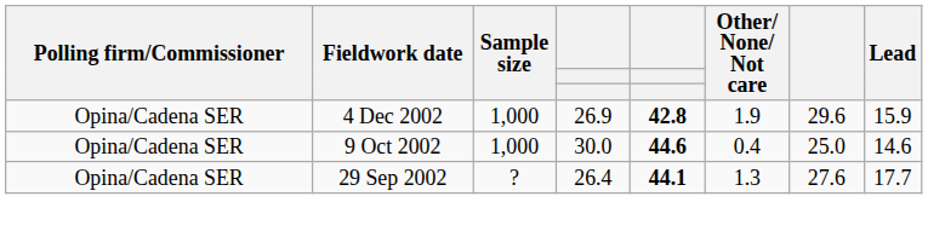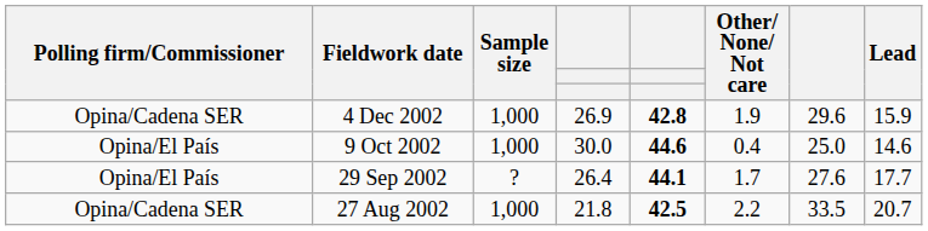 <table class="wikitable collapsible collapsed" style="text-align:center; font-size:90%; line-height:14px;">
 <tr style="height:42px;">
 <th style="width:250px;" rowspan="3">Polling firm/Commissioner</th>
 <th style="width:125px;" rowspan="3">Fieldwork date</th>
 <th style="width:50px;" rowspan="3">Sample size</th>
 <th style="width:55px;"></th>
 <th style="width:55px;"></th>
 <th style="width:55px;" rowspan="3">Other/<br>None/<br>Not<br>care</th>
 <th style="width:55px;" rowspan="3"></th>
 <th style="width:30px;" rowspan="3">Lead</th>
 </tr>
 <tr>
 <th style="color:inherit;background:"></th>
 <th style="color:inherit;background:"></th>
 </tr>
 <tr>
 <th></th>
 <th></th>
 </tr>
 <tr>
 <td>Opina/Cadena SER</td>
 <td>4 Dec 2002</td>
 <td>1,000</td>
 <td>26.9</td>
 <td><strong>42.8</strong></td>
 <td>1.9</td>
 <td>29.6</td>
 <td style="background:">15.9</td>
 </tr>
 <tr>
-<td>Opina/Cadena SER</td>
+<td>Opina/El País</td>
 <td>9 Oct 2002</td>
 <td>1,000</td>
 <td>30.0</td>
 <td><strong>44.6</strong></td>
 <td>0.4</td>
 <td>25.0</td>
 <td style="background:">14.6</td>
 </tr>
 <tr>
-<td>Opina/Cadena SER</td>
+<td>Opina/El País</td>
 <td>29 Sep 2002</td>
 <td>?</td>
 <td>26.4</td>
 <td><strong>44.1</strong></td>
-<td>1.3</td>
+<td>1.7</td>
 <td>27.6</td>
 <td style="background:">17.7</td>
 </tr>
+<tr>
+<td>Opina/Cadena SER</td>
+<td>27 Aug 2002</td>
+<td>1,000</td>
+<td>21.8</td>
+<td><strong>42.5</strong></td>
+<td>2.2</td>
+<td>33.5</td>
+<td style="background:">20.7</td>
+</tr>
 </table>
